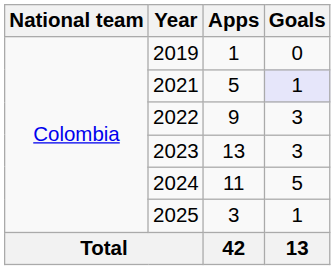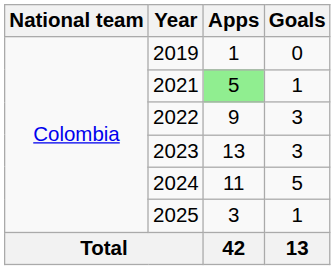 <table class="wikitable" style="text-align:center">
 <tr>
 <th>National team</th>
 <th>Year</th>
 <th>Apps</th>
 <th>Goals</th>
 </tr>
 <tr>
 <td rowspan="6"><a href='#'>Colombia</a></td>
 <td>2019</td>
 <td>1</td>
 <td>0</td>
 </tr>
 <tr>
 <td>2021</td>
-<td>5</td>
-<td style="background: lavender;">1</td>
+<td style="background: lightgreen;">5</td>
+<td>1</td>
 </tr>
 <tr>
 <td>2022</td>
 <td>9</td>
 <td>3</td>
 </tr>
 <tr>
 <td>2023</td>
 <td>13</td>
 <td>3</td>
 </tr>
 <tr>
 <td>2024</td>
 <td>11</td>
 <td>5</td>
 </tr>
 <tr>
 <td>2025</td>
 <td>3</td>
 <td>1</td>
 </tr>
 <tr>
 <th colspan="2">Total</th>
 <th>42</th>
 <th>13</th>
 </tr>
 </table>
